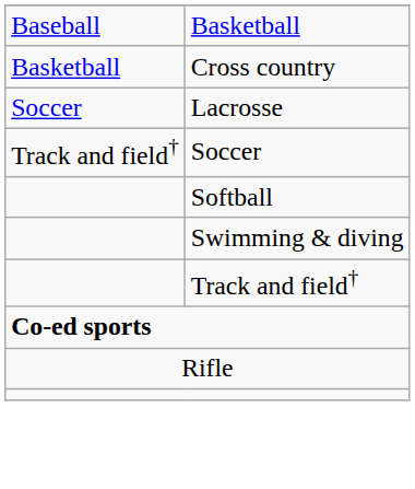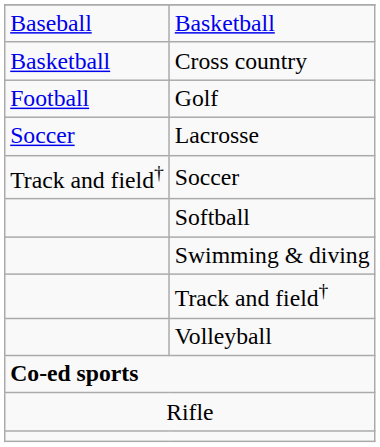 <table class="wikitable" style=" ">
 <tr>
 </tr>
 <tr>
 <td><a href='#'>Baseball</a></td>
 <td><a href='#'>Basketball</a></td>
 </tr>
 <tr>
 <td><a href='#'>Basketball</a></td>
 <td>Cross country</td>
+</tr>
+<tr>
+<td><a href='#'>Football</a></td>
+<td>Golf</td>
 </tr>
 <tr>
 <td><a href='#'>Soccer</a></td>
 <td>Lacrosse</td>
 </tr>
 <tr>
 <td>Track and field<sup>†</sup></td>
 <td>Soccer</td>
 </tr>
 <tr>
 <td></td>
 <td>Softball</td>
 </tr>
 <tr>
 <td></td>
 <td>Swimming & diving</td>
 </tr>
 <tr>
 <td></td>
 <td>Track and field<sup>†</sup></td>
 </tr>
 <tr>
+<td></td>
+<td>Volleyball</td>
+</tr>
+<tr>
 <td colspan="2"><strong>Co-ed sports</strong></td>
 </tr>
 <tr style="text-align:center">
 <td colspan="2">Rifle</td>
 </tr>
 <tr>
 <td colspan="2"></td>
 </tr>
 </table>
